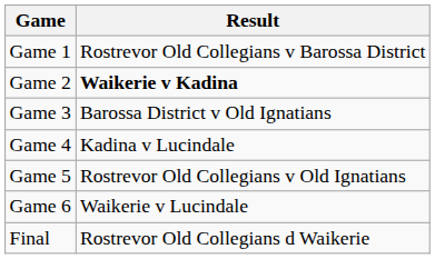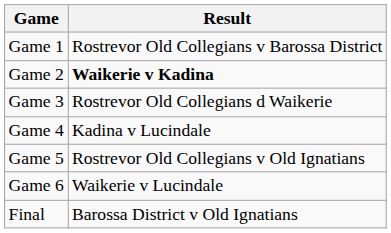 <table class="wikitable">
 <tr>
 <th>Game</th>
 <th>Result</th>
 </tr>
 <tr>
 <td>Game 1</td>
 <td>Rostrevor Old Collegians v Barossa District</td>
 </tr>
 <tr>
 <td>Game 2</td>
 <td><strong>Waikerie v Kadina</strong></td>
 </tr>
 <tr>
 <td>Game 3</td>
-<td>Barossa District v Old Ignatians</td>
+<td>Rostrevor Old Collegians d Waikerie</td>
 </tr>
 <tr>
 <td>Game 4</td>
 <td>Kadina v Lucindale</td>
 </tr>
 <tr>
 <td>Game 5</td>
 <td>Rostrevor Old Collegians v Old Ignatians</td>
 </tr>
 <tr>
 <td>Game 6</td>
 <td>Waikerie v Lucindale</td>
 </tr>
 <tr>
 <td>Final</td>
-<td>Rostrevor Old Collegians d Waikerie</td>
+<td>Barossa District v Old Ignatians</td>
 </tr>
 </table>
